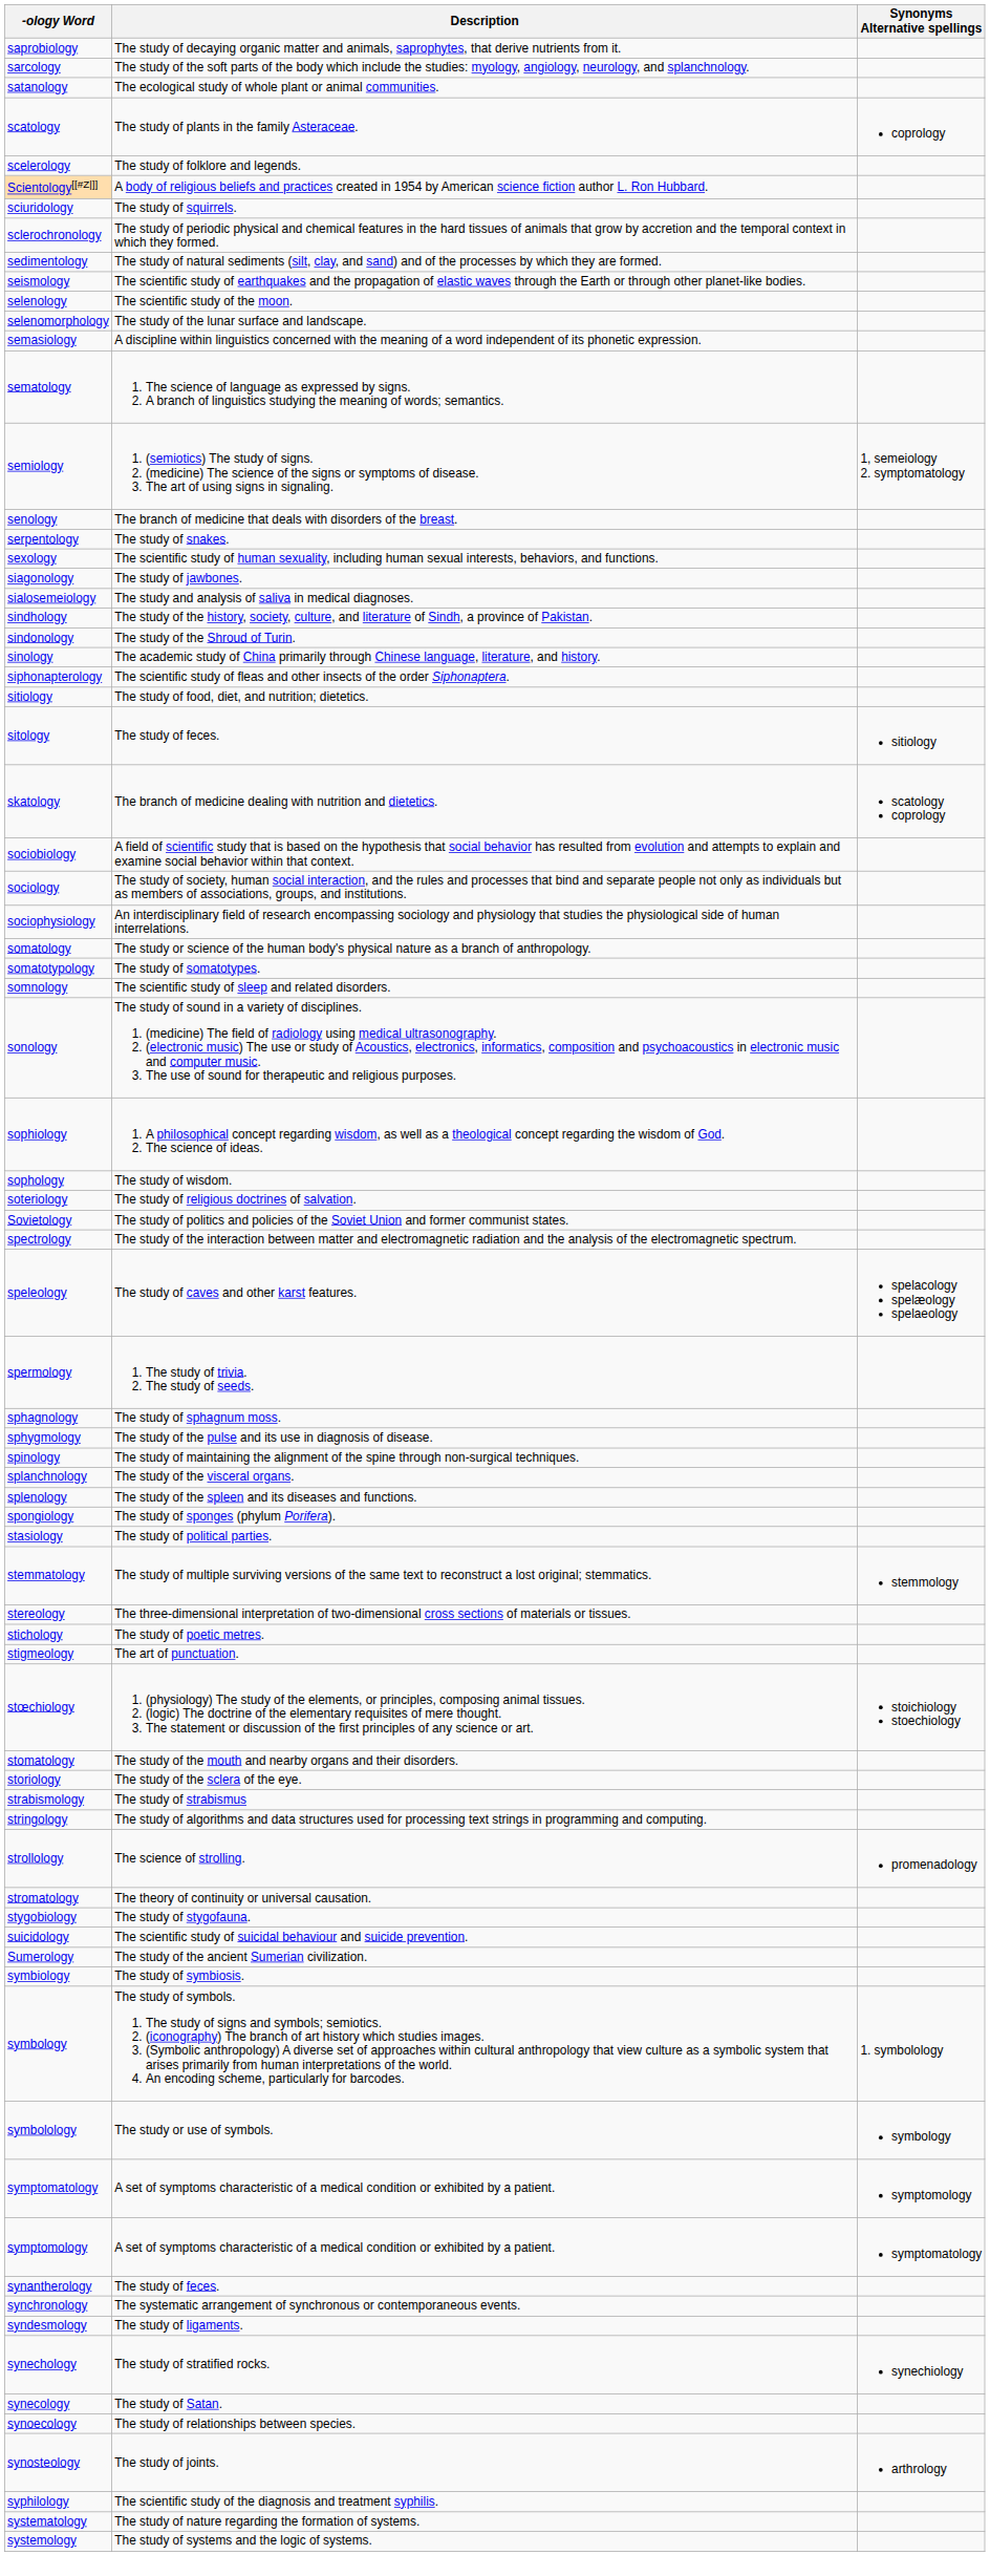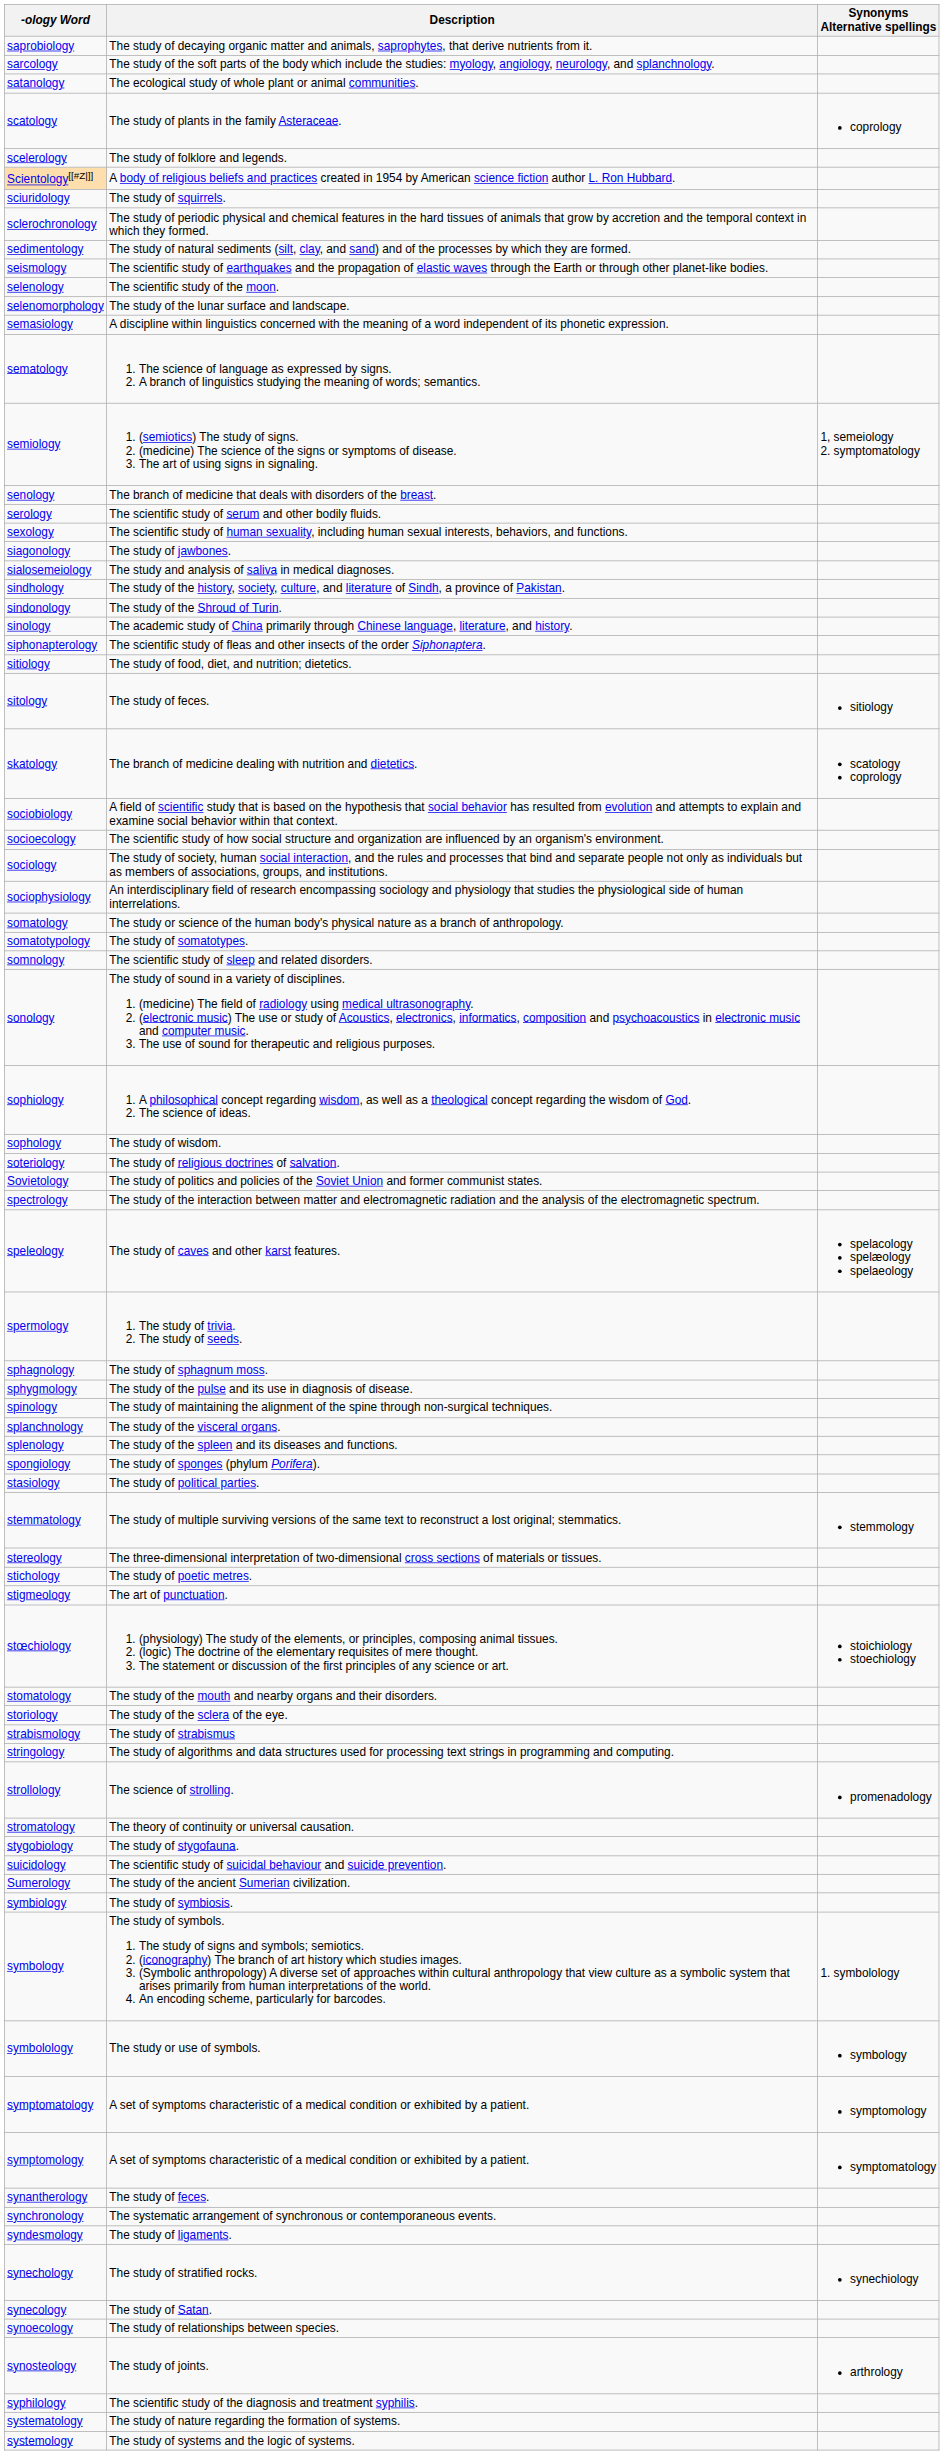 <table class="wikitable" style="width:100%;">
 <tr>
 <th><em>-ology Word</em></th>
 <th>Description</th>
 <th>Synonyms<br>Alternative spellings</th>
 </tr>
 <tr>
 <td><a href='#'>saprobiology</a></td>
 <td>The study of decaying organic matter and animals, <a href='#'>saprophytes</a>, that derive nutrients from it.</td>
 <td></td>
 </tr>
 <tr>
 <td><a href='#'>sarcology</a></td>
 <td>The study of the soft parts of the body which include the studies: <a href='#'>myology</a>, <a href='#'>angiology</a>, <a href='#'>neurology</a>, and <a href='#'>splanchnology</a>.</td>
 <td></td>
 </tr>
 <tr>
 <td><a href='#'>satanology</a></td>
 <td>The ecological study of whole plant or animal <a href='#'>communities</a>.</td>
 <td></td>
 </tr>
 <tr>
 <td><a href='#'>scatology</a></td>
 <td>The study of plants in the family <a href='#'>Asteraceae</a>.</td>
 <td><br><ul><li>coprology</li></ul></td>
 </tr>
 <tr>
 <td><a href='#'>scelerology</a></td>
 <td>The study of folklore and legends.</td>
 <td></td>
 </tr>
 <tr>
 <td style="background: #ffdead"><a href='#'>Scientology</a><sup>[[#Z|]]</sup></td>
 <td>A <a href='#'>body of religious beliefs and practices</a> created in 1954 by American <a href='#'>science fiction</a> author <a href='#'>L. Ron Hubbard</a>.</td>
 <td></td>
 </tr>
 <tr>
 <td><a href='#'>sciuridology</a></td>
 <td>The study of <a href='#'>squirrels</a>.</td>
 <td></td>
 </tr>
 <tr>
 <td><a href='#'>sclerochronology</a></td>
 <td>The study of periodic physical and chemical features in the hard tissues of animals that grow by accretion and the temporal context in which they formed.</td>
 <td></td>
 </tr>
 <tr>
 <td><a href='#'>sedimentology</a></td>
 <td>The study of natural sediments (<a href='#'>silt</a>, <a href='#'>clay</a>, and <a href='#'>sand</a>) and of the processes by which they are formed.</td>
 <td></td>
 </tr>
 <tr>
 <td><a href='#'>seismology</a></td>
 <td>The scientific study of <a href='#'>earthquakes</a> and the propagation of <a href='#'>elastic waves</a> through the Earth or through other planet-like bodies.</td>
 <td></td>
 </tr>
 <tr>
 <td><a href='#'>selenology</a></td>
 <td>The scientific study of the <a href='#'>moon</a>.</td>
 <td></td>
 </tr>
 <tr>
 <td><a href='#'>selenomorphology</a></td>
 <td>The study of the lunar surface and landscape.</td>
 <td></td>
 </tr>
 <tr>
 <td><a href='#'>semasiology</a></td>
 <td>A discipline within linguistics concerned with the meaning of a word independent of its phonetic expression.</td>
 <td></td>
 </tr>
 <tr>
 <td><a href='#'>sematology</a></td>
 <td><br><ol><li>The science of language as expressed by signs.</li><li>A branch of linguistics studying the meaning of words; semantics.</li></ol></td>
 <td></td>
 </tr>
 <tr>
 <td><a href='#'>semiology</a></td>
 <td><br><ol><li>(<a href='#'>semiotics</a>) The study of signs.</li><li>(medicine) The science of the signs or symptoms of disease.</li><li>The art of using signs in signaling.</li></ol></td>
 <td>1, semeiology<br>2. symptomatology</td>
 </tr>
 <tr>
 <td><a href='#'>senology</a></td>
 <td>The branch of medicine that deals with disorders of the <a href='#'>breast</a>.</td>
 <td></td>
 </tr>
 <tr>
-<td><a href='#'>serpentology</a></td>
-<td>The study of <a href='#'>snakes</a>.</td>
+<td><a href='#'>serology</a></td>
+<td>The scientific study of <a href='#'>serum</a> and other bodily fluids.</td>
 <td></td>
 </tr>
 <tr>
 <td><a href='#'>sexology</a></td>
 <td>The scientific study of <a href='#'>human sexuality</a>, including human sexual interests, behaviors, and functions.</td>
 <td></td>
 </tr>
 <tr>
 <td><a href='#'>siagonology</a></td>
 <td>The study of <a href='#'>jawbones</a>.</td>
 <td></td>
 </tr>
 <tr>
 <td><a href='#'>sialosemeiology</a></td>
 <td>The study and analysis of <a href='#'>saliva</a> in medical diagnoses.</td>
 <td></td>
 </tr>
 <tr>
 <td><a href='#'>sindhology</a></td>
 <td>The study of the <a href='#'>history</a>, <a href='#'>society</a>, <a href='#'>culture</a>, and <a href='#'>literature</a> of <a href='#'>Sindh</a>, a province of <a href='#'>Pakistan</a>.</td>
 <td></td>
 </tr>
 <tr>
 <td><a href='#'>sindonology</a></td>
 <td>The study of the <a href='#'>Shroud of Turin</a>.</td>
 <td></td>
 </tr>
 <tr>
 <td><a href='#'>sinology</a></td>
 <td>The academic study of <a href='#'>China</a> primarily through <a href='#'>Chinese language</a>, <a href='#'>literature</a>, and <a href='#'>history</a>.</td>
 <td></td>
 </tr>
 <tr>
 <td><a href='#'>siphonapterology</a></td>
 <td>The scientific study of fleas and other insects of the order <em><a href='#'>Siphonaptera</a></em>.</td>
 <td></td>
 </tr>
 <tr>
 <td><a href='#'>sitiology</a></td>
 <td>The study of food, diet, and nutrition; dietetics.</td>
 <td></td>
 </tr>
 <tr>
 <td><a href='#'>sitology</a></td>
 <td>The study of feces.</td>
 <td><br><ul><li>sitiology</li></ul></td>
 </tr>
 <tr>
 <td><a href='#'>skatology</a></td>
 <td>The branch of medicine dealing with nutrition and <a href='#'>dietetics</a>.</td>
 <td><br><ul><li>scatology</li><li>coprology</li></ul></td>
 </tr>
 <tr>
 <td><a href='#'>sociobiology</a></td>
 <td>A field of <a href='#'>scientific</a> study that is based on the hypothesis that <a href='#'>social behavior</a> has resulted from <a href='#'>evolution</a> and attempts to explain and examine social behavior within that context.</td>
+<td></td>
+</tr>
+<tr>
+<td><a href='#'>socioecology</a></td>
+<td>The scientific study of how social structure and organization are influenced by an organism's environment.</td>
 <td></td>
 </tr>
 <tr>
 <td><a href='#'>sociology</a></td>
 <td>The study of society, human <a href='#'>social interaction</a>, and the rules and processes that bind and separate people not only as individuals but as members of associations, groups, and institutions.</td>
 <td></td>
 </tr>
 <tr>
 <td><a href='#'>sociophysiology</a></td>
 <td>An interdisciplinary field of research encompassing sociology and physiology that studies the physiological side of human interrelations.</td>
 <td></td>
 </tr>
 <tr>
 <td><a href='#'>somatology</a></td>
 <td>The study or science of the human body's physical nature as a branch of anthropology.</td>
 <td></td>
 </tr>
 <tr>
 <td><a href='#'>somatotypology</a></td>
 <td>The study of <a href='#'>somatotypes</a>.</td>
 <td></td>
 </tr>
 <tr>
 <td><a href='#'>somnology</a></td>
 <td>The scientific study of <a href='#'>sleep</a> and related disorders.</td>
 <td></td>
 </tr>
 <tr>
 <td><a href='#'>sonology</a></td>
 <td>The study of sound in a variety of disciplines.<br><ol><li>(medicine) The field of <a href='#'>radiology</a> using <a href='#'>medical ultrasonography</a>.</li><li>(<a href='#'>electronic music</a>) The use or study of <a href='#'>Acoustics</a>, <a href='#'>electronics</a>, <a href='#'>informatics</a>, <a href='#'>composition</a> and <a href='#'>psychoacoustics</a> in <a href='#'>electronic music</a> and <a href='#'>computer music</a>.</li><li>The use of sound for therapeutic and religious purposes.</li></ol></td>
 <td></td>
 </tr>
 <tr>
 <td><a href='#'>sophiology</a></td>
 <td><br><ol><li>A <a href='#'>philosophical</a> concept regarding <a href='#'>wisdom</a>, as well as a <a href='#'>theological</a> concept regarding the wisdom of <a href='#'>God</a>.</li><li>The science of ideas.</li></ol></td>
 <td></td>
 </tr>
 <tr>
 <td><a href='#'>sophology</a></td>
 <td>The study of wisdom.</td>
 <td></td>
 </tr>
 <tr>
 <td><a href='#'>soteriology</a></td>
 <td>The study of <a href='#'>religious doctrines</a> of <a href='#'>salvation</a>.</td>
 <td></td>
 </tr>
 <tr>
 <td><a href='#'>Sovietology</a></td>
 <td>The study of politics and policies of the <a href='#'>Soviet Union</a> and former communist states.</td>
 <td></td>
 </tr>
 <tr>
 <td><a href='#'>spectrology</a></td>
 <td>The study of the interaction between matter and electromagnetic radiation and the analysis of the electromagnetic spectrum.</td>
 <td></td>
 </tr>
 <tr>
 <td><a href='#'>speleology</a></td>
 <td>The study of <a href='#'>caves</a> and other <a href='#'>karst</a> features.</td>
 <td><br><ul><li>spelacology</li><li>spelæology</li><li>spelaeology</li></ul></td>
 </tr>
 <tr>
 <td><a href='#'>spermology</a></td>
 <td><br><ol><li>The study of <a href='#'>trivia</a>.</li><li>The study of <a href='#'>seeds</a>.</li></ol></td>
 <td></td>
 </tr>
 <tr>
 <td><a href='#'>sphagnology</a></td>
 <td>The study of <a href='#'>sphagnum moss</a>.</td>
 <td></td>
 </tr>
 <tr>
 <td><a href='#'>sphygmology</a></td>
 <td>The study of the <a href='#'>pulse</a> and its use in diagnosis of disease.</td>
 <td></td>
 </tr>
 <tr>
 <td><a href='#'>spinology</a></td>
 <td>The study of maintaining the alignment of the spine through non-surgical techniques.</td>
 <td></td>
 </tr>
 <tr>
 <td><a href='#'>splanchnology</a></td>
 <td>The study of the <a href='#'>visceral organs</a>.</td>
 <td></td>
 </tr>
 <tr>
 <td><a href='#'>splenology</a></td>
 <td>The study of the <a href='#'>spleen</a> and its diseases and functions.</td>
 <td></td>
 </tr>
 <tr>
 <td><a href='#'>spongiology</a></td>
 <td>The study of <a href='#'>sponges</a> (phylum <em><a href='#'>Porifera</a></em>).</td>
 <td></td>
 </tr>
 <tr>
 <td><a href='#'>stasiology</a></td>
 <td>The study of <a href='#'>political parties</a>.</td>
 <td></td>
 </tr>
 <tr>
 <td><a href='#'>stemmatology</a></td>
 <td>The study of multiple surviving versions of the same text to reconstruct a lost original; stemmatics.</td>
 <td><br><ul><li>stemmology</li></ul></td>
 </tr>
 <tr>
 <td><a href='#'>stereology</a></td>
 <td>The three-dimensional interpretation of two-dimensional <a href='#'>cross sections</a> of materials or tissues.</td>
 <td></td>
 </tr>
 <tr>
 <td><a href='#'>stichology</a></td>
 <td>The study of <a href='#'>poetic metres</a>.</td>
 <td></td>
 </tr>
 <tr>
 <td><a href='#'>stigmeology</a></td>
 <td>The art of <a href='#'>punctuation</a>.</td>
 <td></td>
 </tr>
 <tr>
 <td><a href='#'>stœchiology</a></td>
 <td><br><ol><li>(physiology) The study of the elements, or principles, composing animal tissues.</li><li>(logic) The doctrine of the elementary requisites of mere thought.</li><li>The statement or discussion of the first principles of any science or art.</li></ol></td>
 <td><br><ul><li>stoichiology</li><li>stoechiology</li></ul></td>
 </tr>
 <tr>
 <td><a href='#'>stomatology</a></td>
 <td>The study of the <a href='#'>mouth</a> and nearby organs and their disorders.</td>
 <td></td>
 </tr>
 <tr>
 <td><a href='#'>storiology</a></td>
 <td>The study of the <a href='#'>sclera</a> of the eye.</td>
 <td></td>
 </tr>
 <tr>
 <td><a href='#'>strabismology</a></td>
 <td>The study of <a href='#'>strabismus</a></td>
 <td></td>
 </tr>
 <tr>
 <td><a href='#'>stringology</a></td>
 <td>The study of algorithms and data structures used for processing text strings in programming and computing.</td>
 <td></td>
 </tr>
 <tr>
 <td><a href='#'>strollology</a></td>
 <td>The science of <a href='#'>strolling</a>.</td>
 <td><br><ul><li>promenadology</li></ul></td>
 </tr>
 <tr>
 <td><a href='#'>stromatology</a></td>
 <td>The theory of continuity or universal causation.</td>
 <td></td>
 </tr>
 <tr>
 <td><a href='#'>stygobiology</a></td>
 <td>The study of <a href='#'>stygofauna</a>.</td>
 <td></td>
 </tr>
 <tr>
 <td><a href='#'>suicidology</a></td>
 <td>The scientific study of <a href='#'>suicidal behaviour</a> and <a href='#'>suicide prevention</a>.</td>
 <td></td>
 </tr>
 <tr>
 <td><a href='#'>Sumerology</a></td>
 <td>The study of the ancient <a href='#'>Sumerian</a> civilization.</td>
 <td></td>
 </tr>
 <tr>
 <td><a href='#'>symbiology</a></td>
 <td>The study of <a href='#'>symbiosis</a>.</td>
 <td></td>
 </tr>
 <tr>
 <td><a href='#'>symbology</a></td>
 <td>The study of symbols.<br><ol><li>The study of signs and symbols; semiotics.</li><li>(<a href='#'>iconography</a>) The branch of art history which studies images.</li><li>(Symbolic anthropology) A diverse set of approaches within cultural anthropology that view culture as a symbolic system that arises primarily from human interpretations of the world.</li><li>An encoding scheme, particularly for barcodes.</li></ol></td>
 <td><br>1. symbolology</td>
 </tr>
 <tr>
 <td><a href='#'>symbolology</a></td>
 <td>The study or use of symbols.</td>
 <td><br><ul><li>symbology</li></ul></td>
 </tr>
 <tr>
 <td><a href='#'>symptomatology</a></td>
 <td>A set of symptoms characteristic of a medical condition or exhibited by a patient.</td>
 <td><br><ul><li>symptomology</li></ul></td>
 </tr>
 <tr>
 <td><a href='#'>symptomology</a></td>
 <td>A set of symptoms characteristic of a medical condition or exhibited by a patient.</td>
 <td><br><ul><li>symptomatology</li></ul></td>
 </tr>
 <tr>
 <td><a href='#'>synantherology</a></td>
 <td>The study of <a href='#'>feces</a>.</td>
 <td></td>
 </tr>
 <tr>
 <td><a href='#'>synchronology</a></td>
 <td>The systematic arrangement of synchronous or contemporaneous events.</td>
 <td></td>
 </tr>
 <tr>
 <td><a href='#'>syndesmology</a></td>
 <td>The study of <a href='#'>ligaments</a>.</td>
 <td></td>
 </tr>
 <tr>
 <td><a href='#'>synechology</a></td>
 <td>The study of stratified rocks.</td>
 <td><br><ul><li>synechiology</li></ul></td>
 </tr>
 <tr>
 <td><a href='#'>synecology</a></td>
 <td>The study of <a href='#'>Satan</a>.</td>
 <td></td>
 </tr>
 <tr>
 <td><a href='#'>synoecology</a></td>
 <td>The study of relationships between species.</td>
 <td></td>
 </tr>
 <tr>
 <td><a href='#'>synosteology</a></td>
 <td>The study of joints.</td>
 <td><br><ul><li>arthrology</li></ul></td>
 </tr>
 <tr>
 <td><a href='#'>syphilology</a></td>
 <td>The scientific study of the diagnosis and treatment <a href='#'>syphilis</a>.</td>
 <td></td>
 </tr>
 <tr>
 <td><a href='#'>systematology</a></td>
 <td>The study of nature regarding the formation of systems.</td>
 <td></td>
 </tr>
 <tr>
 <td><a href='#'>systemology</a></td>
 <td>The study of systems and the logic of systems.</td>
 <td></td>
 </tr>
 </table>
